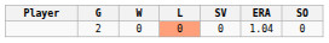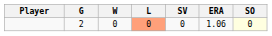 <table class="wikitable sortable">
 <tr>
 <th bgcolor="#DDDDFF" width="16%">Player</th>
 <th bgcolor="#DDDDFF" width="9%">G</th>
 <th bgcolor="#DDDDFF" width="9%">W</th>
 <th bgcolor="#DDDDFF" width="9%">L</th>
 <th bgcolor="#DDDDFF" width="9%">SV</th>
 <th bgcolor="#DDDDFF" width="9%">ERA</th>
 <th bgcolor="#DDDDFF" width="9%">SO</th>
 </tr>
 <tr align="center">
 <td></td>
 <td>2</td>
 <td>0</td>
 <td style="background: lightsalmon;">0</td>
 <td>0</td>
-<td>1.04</td>
-<td>0</td>
+<td>1.06</td>
+<td style="background: lightyellow;">0</td>
 </tr>
 </table>
